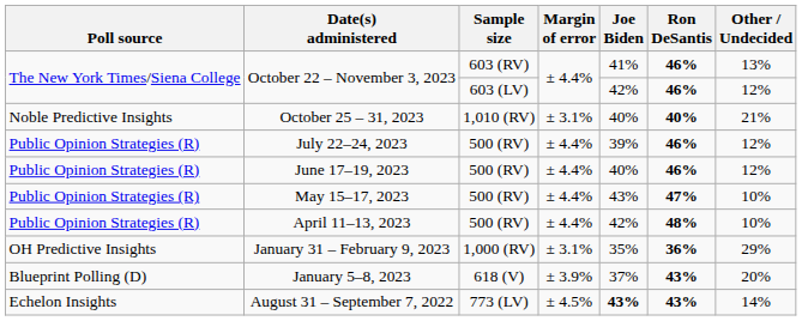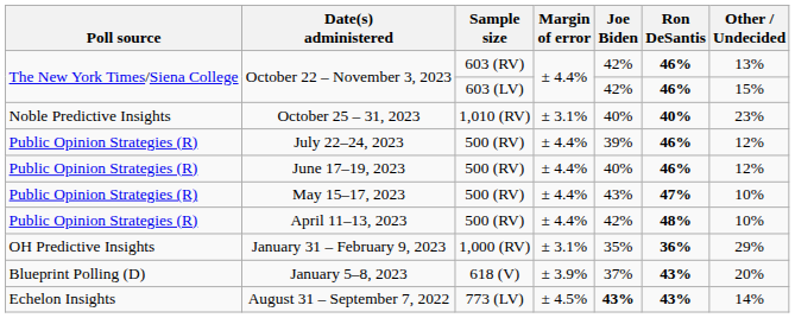 <table class="wikitable sortable mw-datatable" style="font-size:90%;text-align:center;line-height:17px">
 <tr valign=bottom>
 <th>Poll source</th>
 <th>Date(s)<br>administered</th>
 <th>Sample<br>size</th>
 <th>Margin<br>of error</th>
 <th class="unsortable">Joe<br>Biden<br></th>
 <th class="unsortable">Ron<br>DeSantis<br></th>
 <th class="unsortable">Other /<br>Undecided</th>
 </tr>
 <tr>
 <td style="text-align:left;" rowspan="2"><a href='#'>The New York Times</a>/<a href='#'>Siena College</a></td>
 <td rowspan="2">October 22 – November 3, 2023</td>
 <td>603 (RV)</td>
 <td rowspan="2">± 4.4%</td>
-<td>41%</td>
+<td>42%</td>
 <td style="background-color:"><strong>46%</strong></td>
 <td>13%</td>
 </tr>
 <tr>
 <td>603 (LV)</td>
 <td>42%</td>
 <td style="background-color:"><strong>46%</strong></td>
-<td>12%</td>
+<td>15%</td>
 </tr>
 <tr>
 <td style="text-align:left;">Noble Predictive Insights</td>
 <td data-sort-value="2023-11-14">October 25 – 31, 2023</td>
 <td>1,010 (RV)</td>
 <td>± 3.1%</td>
 <td>40%</td>
 <td style="background-color:"><strong>40%</strong></td>
-<td>21%</td>
+<td>23%</td>
 </tr>
 <tr>
 <td style="text-align:left;"><a href='#'>Public Opinion Strategies (R)</a></td>
 <td data-sort-value="2023-07-24">July 22–24, 2023</td>
 <td>500 (RV)</td>
 <td>± 4.4%</td>
 <td>39%</td>
 <td style="background-color:"><strong>46%</strong></td>
 <td>12%</td>
 </tr>
 <tr>
 <td style="text-align:left;"><a href='#'>Public Opinion Strategies (R)</a></td>
 <td data-sort-value="2023-06-19">June 17–19, 2023</td>
 <td>500 (RV)</td>
 <td>± 4.4%</td>
 <td>40%</td>
 <td style="background-color:"><strong>46%</strong></td>
 <td>12%</td>
 </tr>
 <tr>
 <td style="text-align:left;"><a href='#'>Public Opinion Strategies (R)</a></td>
 <td data-sort-value="2023-05-17">May 15–17, 2023</td>
 <td>500 (RV)</td>
 <td>± 4.4%</td>
 <td>43%</td>
 <td style="background-color:"><strong>47%</strong></td>
 <td>10%</td>
 </tr>
 <tr>
 <td style="text-align:left;"><a href='#'>Public Opinion Strategies (R)</a></td>
 <td data-sort-value="2023-04-13">April 11–13, 2023</td>
 <td>500 (RV)</td>
 <td>± 4.4%</td>
 <td>42%</td>
 <td style="background-color:"><strong>48%</strong></td>
 <td>10%</td>
 </tr>
 <tr>
 <td style="text-align:left;">OH Predictive Insights</td>
 <td data-sort-value="2023-02-09">January 31 – February 9, 2023</td>
 <td>1,000 (RV)</td>
 <td>± 3.1%</td>
 <td>35%</td>
 <td style="background-color:"><strong>36%</strong></td>
 <td>29%</td>
 </tr>
 <tr>
 <td style="text-align:left;">Blueprint Polling (D)</td>
 <td data-sort-value="2023-01-08">January 5–8, 2023</td>
 <td>618 (V)</td>
 <td>± 3.9%</td>
 <td>37%</td>
 <td style="background-color:"><strong>43%</strong></td>
 <td>20%</td>
 </tr>
 <tr>
 <td style="text-align:left;">Echelon Insights</td>
 <td data-sort-value="2022-09-07">August 31 – September 7, 2022</td>
 <td>773 (LV)</td>
 <td>± 4.5%</td>
 <td><strong>43%</strong></td>
 <td><strong>43%</strong></td>
 <td>14%</td>
 </tr>
 </table>
